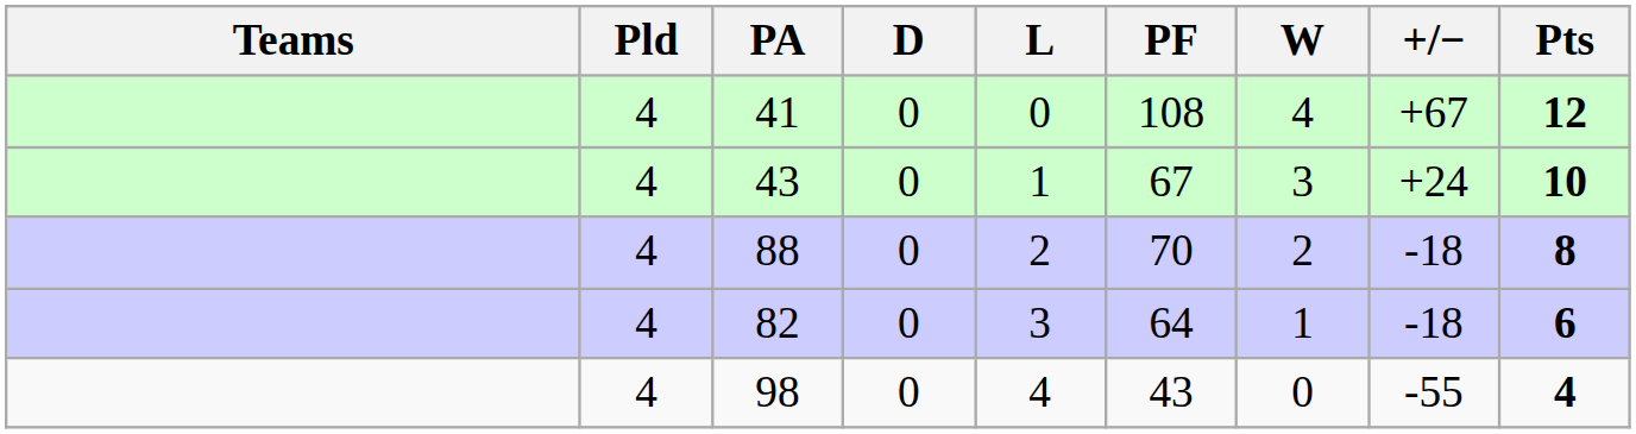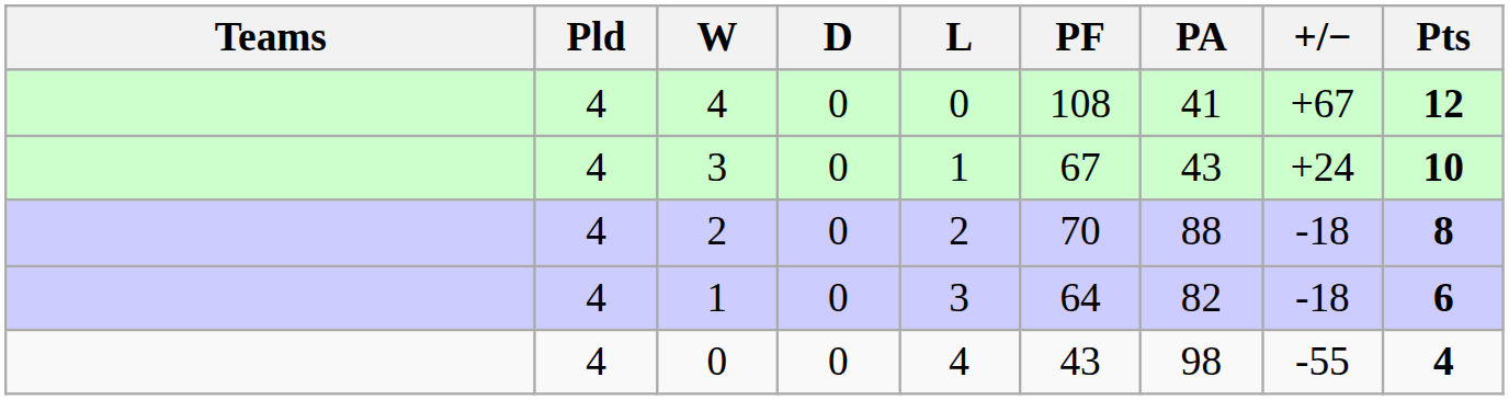 <table class="wikitable" style="text-align: center;">
 <tr>
 <th width="200">Teams</th>
 <th width="40">Pld</th>
-<th width="40">PA</th>
+<th width="40">W</th>
 <th width="40">D</th>
 <th width="40">L</th>
 <th width="40">PF</th>
-<th width="40">W</th>
+<th width="40">PA</th>
 <th width="40">+/−</th>
 <th width="40">Pts</th>
 </tr>
 <tr bgcolor=ccffcc>
 <td align=left></td>
 <td>4</td>
-<td>41</td>
+<td>4</td>
 <td>0</td>
 <td>0</td>
 <td>108</td>
-<td>4</td>
+<td>41</td>
 <td>+67</td>
 <td><strong>12</strong></td>
 </tr>
 <tr bgcolor=ccffcc>
 <td align=left></td>
 <td>4</td>
-<td>43</td>
+<td>3</td>
 <td>0</td>
 <td>1</td>
 <td>67</td>
-<td>3</td>
+<td>43</td>
 <td>+24</td>
 <td><strong>10</strong></td>
 </tr>
 <tr bgcolor=ccccff>
 <td align=left></td>
 <td>4</td>
-<td>88</td>
+<td>2</td>
 <td>0</td>
 <td>2</td>
 <td>70</td>
-<td>2</td>
+<td>88</td>
 <td>-18</td>
 <td><strong>8</strong></td>
 </tr>
 <tr bgcolor=ccccff>
 <td align=left></td>
 <td>4</td>
-<td>82</td>
+<td>1</td>
 <td>0</td>
 <td>3</td>
 <td>64</td>
-<td>1</td>
+<td>82</td>
 <td>-18</td>
 <td><strong>6</strong></td>
 </tr>
 <tr>
 <td align=left></td>
 <td>4</td>
-<td>98</td>
+<td>0</td>
 <td>0</td>
 <td>4</td>
 <td>43</td>
-<td>0</td>
+<td>98</td>
 <td>-55</td>
 <td><strong>4</strong></td>
 </tr>
 </table>
